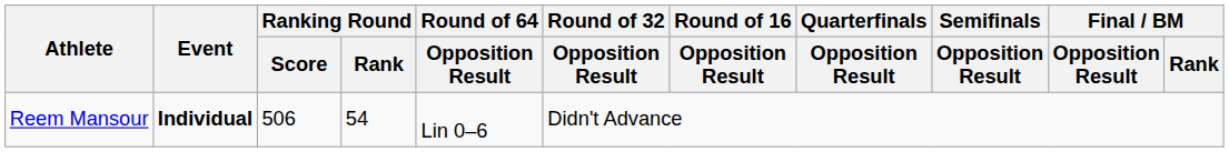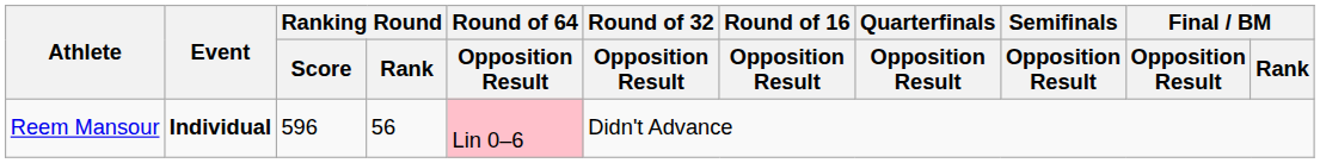 <table class="wikitable">
 <tr>
 <th rowspan="2">Athlete</th>
 <th rowspan="2">Event</th>
 <th colspan="2">Ranking Round</th>
 <th>Round of 64</th>
 <th>Round of 32</th>
 <th>Round of 16</th>
 <th>Quarterfinals</th>
 <th>Semifinals</th>
 <th colspan="2">Final / <abbr>BM</abbr></th>
 </tr>
 <tr>
 <th>Score</th>
 <th>Rank</th>
 <th>Opposition<br>Result</th>
 <th>Opposition<br>Result</th>
 <th>Opposition<br>Result</th>
 <th>Opposition<br>Result</th>
 <th>Opposition<br>Result</th>
 <th>Opposition<br>Result</th>
 <th>Rank</th>
 </tr>
 <tr>
 <td><a href='#'>Reem Mansour</a></td>
 <td><strong>Individual</strong></td>
-<td>506</td>
-<td>54</td>
-<td><br>Lin 0–6</td>
+<td>596</td>
+<td>56</td>
+<td style="background: pink;"><br>Lin 0–6</td>
 <td colspan="6">Didn't Advance</td>
 </tr>
 </table>
